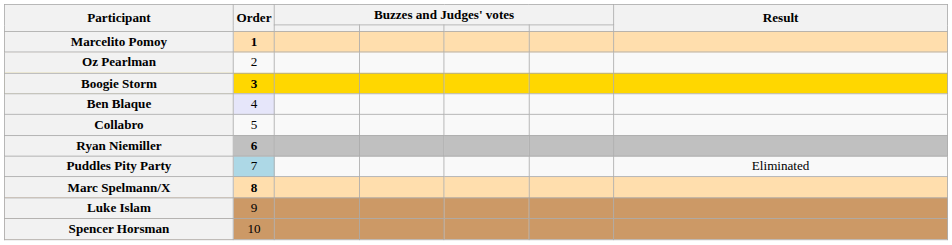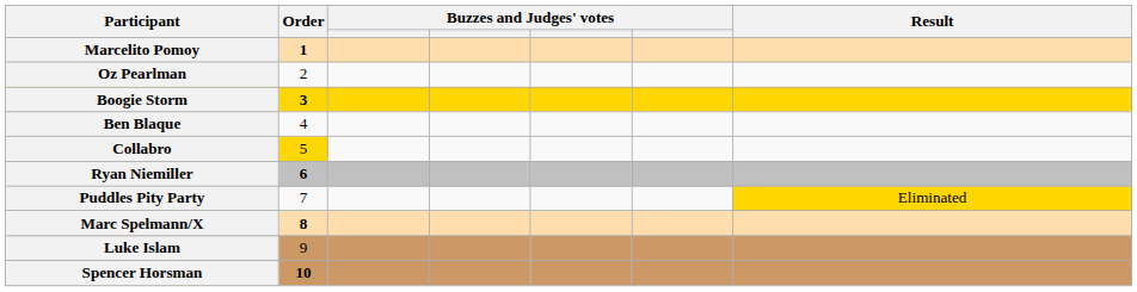 <table class="wikitable plainrowheaders sortable" style="text-align:center;">
 <tr>
 <th scope="col" rowspan="2" class="unsortable" style="width:17em;">Participant</th>
 <th scope="col" rowspan="2" style="width:1em;">Order</th>
 <th scope="col" colspan="4" class="unsortable" style="width:24em;">Buzzes and Judges' votes</th>
 <th scope="col" rowspan="2" style="width:25em;">Result</th>
 </tr>
 <tr>
 <th scope="col" class="unsortable" style="width:6em;"></th>
 <th scope="col" class="unsortable" style="width:6em;"></th>
 <th scope="col" class="unsortable" style="width:6em;"></th>
 <th scope="col" class="unsortable" style="width:6em;"></th>
 </tr>
 <tr bgcolor=navajowhite>
 <th scope="row"><strong>Marcelito Pomoy</strong></th>
 <td><strong>1</strong></td>
 <td style="text-align:center;"></td>
 <td style="text-align:center;"></td>
 <td style="text-align:center;"></td>
 <td style="text-align:center;"></td>
 <td><strong></strong></td>
 </tr>
 <tr>
 <th scope="row">Oz Pearlman</th>
 <td>2</td>
 <td style="text-align:center;"></td>
 <td style="text-align:center;"></td>
 <td style="text-align:center;"></td>
 <td style="text-align:center;"></td>
 <td></td>
 </tr>
 <tr bgcolor=gold>
 <th scope="row"><strong>Boogie Storm</strong></th>
 <td><strong>3</strong></td>
 <td style="text-align:center;"></td>
 <td style="text-align:center;"></td>
 <td style="text-align:center;"></td>
 <td style="text-align:center;"></td>
 <td><strong></strong></td>
 </tr>
 <tr>
 <th scope="row">Ben Blaque </th>
-<td style="background: lavender;">4</td>
+<td>4</td>
 <td style="text-align:center;"></td>
 <td style="text-align:center;"></td>
 <td style="text-align:center;"></td>
 <td style="text-align:center;"></td>
 <td></td>
 </tr>
 <tr>
 <th scope="row">Collabro</th>
-<td>5</td>
+<td style="background: gold;">5</td>
 <td style="text-align:center;"></td>
 <td style="text-align:center;"></td>
 <td style="text-align:center;"></td>
 <td style="text-align:center;"></td>
 <td></td>
 </tr>
 <tr bgcolor=silver>
 <th scope="row"><strong>Ryan Niemiller</strong></th>
 <td><strong>6</strong></td>
 <td style="text-align:center;"></td>
 <td style="text-align:center;"></td>
 <td style="text-align:center;"></td>
 <td style="text-align:center;"></td>
 <td><strong></strong></td>
 </tr>
 <tr>
 <th scope="row">Puddles Pity Party</th>
-<td style="background: lightblue;">7</td>
+<td>7</td>
 <td style="text-align:center;"></td>
 <td style="text-align:center;"></td>
 <td style="text-align:center;"></td>
 <td style="text-align:center;"></td>
-<td>Eliminated</td>
+<td style="background: gold;">Eliminated</td>
 </tr>
 <tr bgcolor=navajowhite>
 <th scope="row"><strong>Marc Spelmann/X</strong> </th>
 <td><strong>8</strong></td>
 <td style="text-align:center;"></td>
 <td style="text-align:center;"></td>
 <td style="text-align:center;"></td>
 <td style="text-align:center;"></td>
 <td><strong></strong></td>
 </tr>
 <tr bgcolor=#c96>
 <th scope="row">Luke Islam</th>
 <td>9</td>
 <td style="text-align:center;"></td>
 <td style="text-align:center;"></td>
 <td style="text-align:center;"></td>
 <td style="text-align:center;"></td>
 <td></td>
 </tr>
 <tr bgcolor=#c96>
 <th scope="row">Spencer Horsman </th>
-<td>10</td>
+<td><strong>10</strong></td>
 <td style="text-align:center;"></td>
 <td style="text-align:center;"></td>
 <td style="text-align:center;"></td>
 <td style="text-align:center;"></td>
 <td></td>
 </tr>
 </table>
